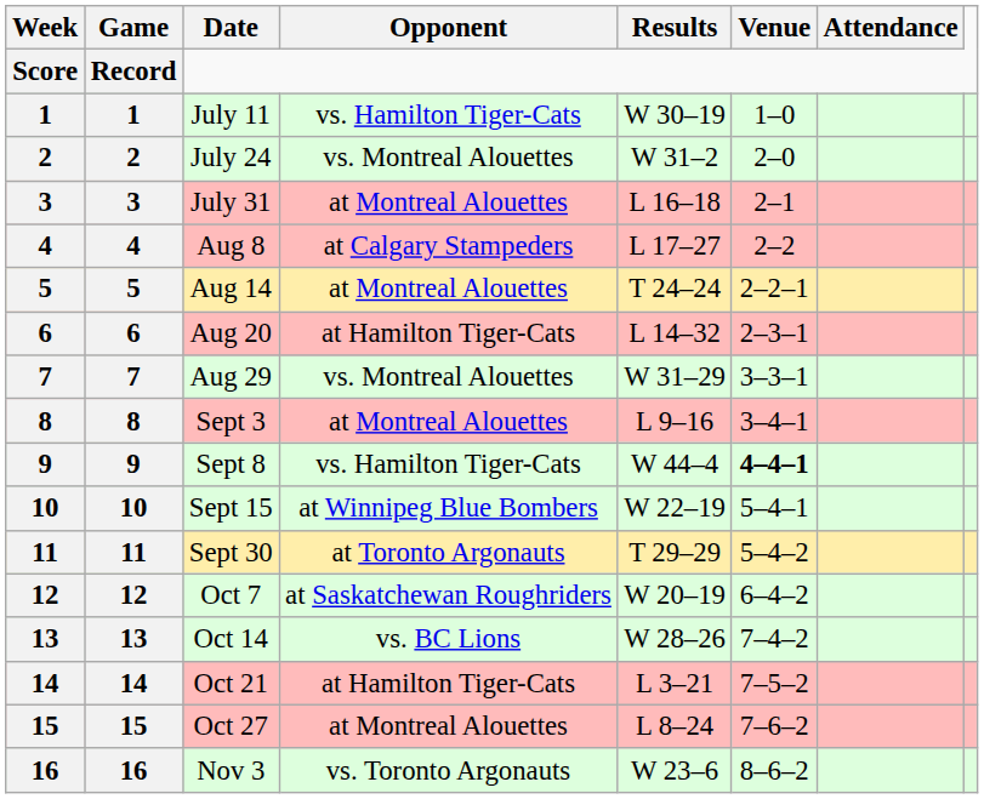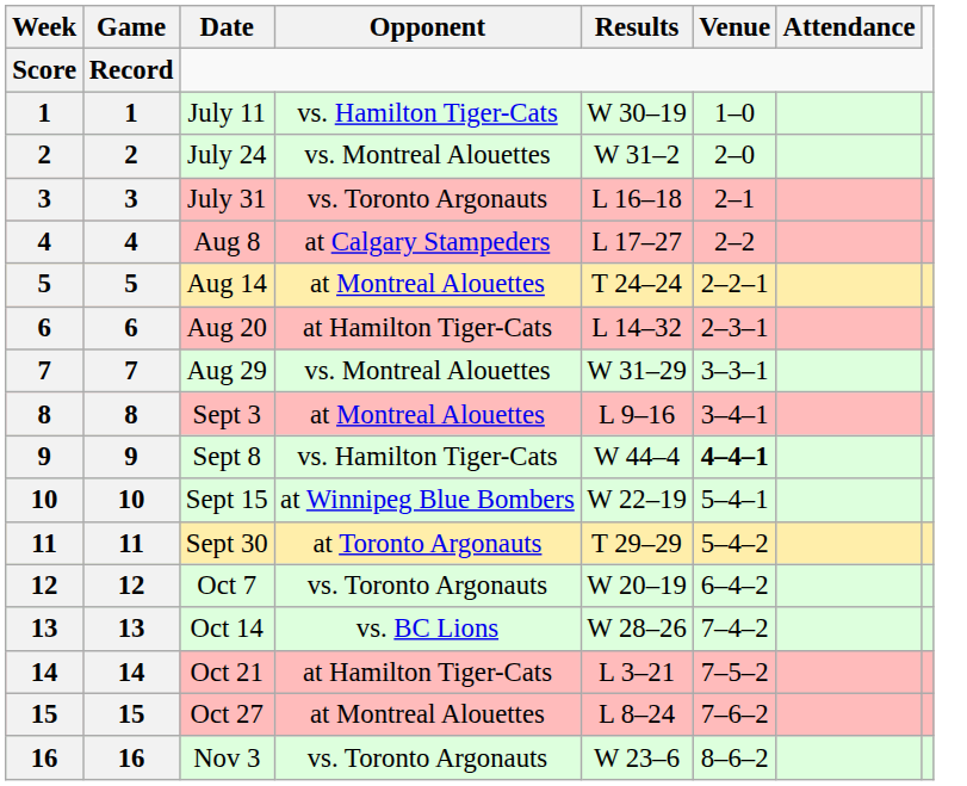 <table class="wikitable" style="text-align:center">
 <tr>
 <th>Week</th>
 <th>Game</th>
 <th>Date</th>
 <th>Opponent</th>
 <th>Results</th>
 <th>Venue</th>
 <th>Attendance</th>
 </tr>
 <tr>
 <th>Score</th>
 <th>Record</th>
 </tr>
 <tr style="background:#ddffdd">
 <th>1</th>
 <th>1</th>
 <td>July 11</td>
 <td>vs. <a href='#'>Hamilton Tiger-Cats</a></td>
 <td>W 30–19</td>
 <td>1–0</td>
 <td></td>
 <td></td>
 </tr>
 <tr style="background:#ddffdd">
 <th>2</th>
 <th>2</th>
 <td>July 24</td>
 <td>vs. Montreal Alouettes</td>
 <td>W 31–2</td>
 <td>2–0</td>
 <td></td>
 <td></td>
 </tr>
 <tr style="background:#ffbbbb">
 <th>3</th>
 <th>3</th>
 <td>July 31</td>
-<td>at <a href='#'>Montreal Alouettes</a></td>
+<td>vs. Toronto Argonauts</td>
 <td>L 16–18</td>
 <td>2–1</td>
 <td></td>
 <td></td>
 </tr>
 <tr style="background:#ffbbbb">
 <th>4</th>
 <th>4</th>
 <td>Aug 8</td>
 <td>at <a href='#'>Calgary Stampeders</a></td>
 <td>L 17–27</td>
 <td>2–2</td>
 <td></td>
 <td></td>
 </tr>
 <tr style="background:#ffeeaa">
 <th>5</th>
 <th>5</th>
 <td>Aug 14</td>
 <td>at <a href='#'>Montreal Alouettes</a></td>
 <td>T 24–24</td>
 <td>2–2–1</td>
 <td></td>
 <td></td>
 </tr>
 <tr style="background:#ffbbbb">
 <th>6</th>
 <th>6</th>
 <td>Aug 20</td>
 <td>at Hamilton Tiger-Cats</td>
 <td>L 14–32</td>
 <td>2–3–1</td>
 <td></td>
 <td></td>
 </tr>
 <tr style="background:#ddffdd">
 <th>7</th>
 <th>7</th>
 <td>Aug 29</td>
 <td>vs. Montreal Alouettes</td>
 <td>W 31–29</td>
 <td>3–3–1</td>
 <td></td>
 <td></td>
 </tr>
 <tr style="background:#ffbbbb">
 <th>8</th>
 <th>8</th>
 <td>Sept 3</td>
 <td>at <a href='#'>Montreal Alouettes</a></td>
 <td>L 9–16</td>
 <td>3–4–1</td>
 <td></td>
 <td></td>
 </tr>
 <tr style="background:#ddffdd">
 <th>9</th>
 <th>9</th>
 <td>Sept 8</td>
 <td>vs. Hamilton Tiger-Cats</td>
 <td>W 44–4</td>
 <td><strong>4–4–1</strong></td>
 <td></td>
 <td></td>
 </tr>
 <tr style="background:#ddffdd">
 <th>10</th>
 <th>10</th>
 <td>Sept 15</td>
 <td>at <a href='#'>Winnipeg Blue Bombers</a></td>
 <td>W 22–19</td>
 <td>5–4–1</td>
 <td></td>
 <td></td>
 </tr>
 <tr style="background:#ffeeaa">
 <th>11</th>
 <th>11</th>
 <td>Sept 30</td>
 <td>at <a href='#'>Toronto Argonauts</a></td>
 <td>T 29–29</td>
 <td>5–4–2</td>
 <td></td>
 <td></td>
 </tr>
 <tr style="background:#ddffdd">
 <th>12</th>
 <th>12</th>
 <td>Oct 7</td>
-<td>at <a href='#'>Saskatchewan Roughriders</a></td>
+<td>vs. Toronto Argonauts</td>
 <td>W 20–19</td>
 <td>6–4–2</td>
 <td></td>
 <td></td>
 </tr>
 <tr style="background:#ddffdd">
 <th>13</th>
 <th>13</th>
 <td>Oct 14</td>
 <td>vs. <a href='#'>BC Lions</a></td>
 <td>W 28–26</td>
 <td>7–4–2</td>
 <td></td>
 <td></td>
 </tr>
 <tr style="background:#ffbbbb">
 <th>14</th>
 <th>14</th>
 <td>Oct 21</td>
 <td>at Hamilton Tiger-Cats</td>
 <td>L 3–21</td>
 <td>7–5–2</td>
 <td></td>
 <td></td>
 </tr>
 <tr style="background:#ffbbbb">
 <th>15</th>
 <th>15</th>
 <td>Oct 27</td>
 <td>at Montreal Alouettes</td>
 <td>L 8–24</td>
 <td>7–6–2</td>
 <td></td>
 <td></td>
 </tr>
 <tr style="background:#ddffdd">
 <th>16</th>
 <th>16</th>
 <td>Nov 3</td>
 <td>vs. Toronto Argonauts</td>
 <td>W 23–6</td>
 <td>8–6–2</td>
 <td></td>
 <td></td>
 </tr>
 </table>
